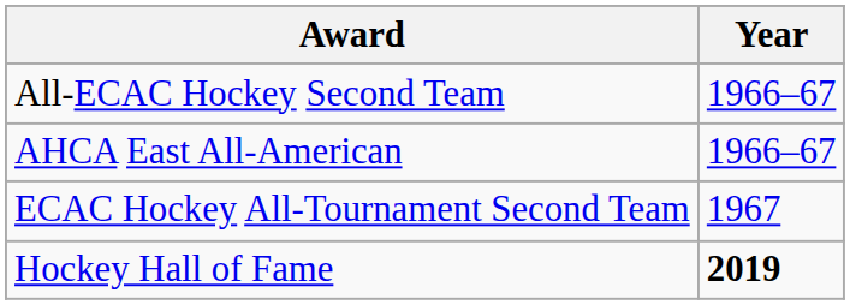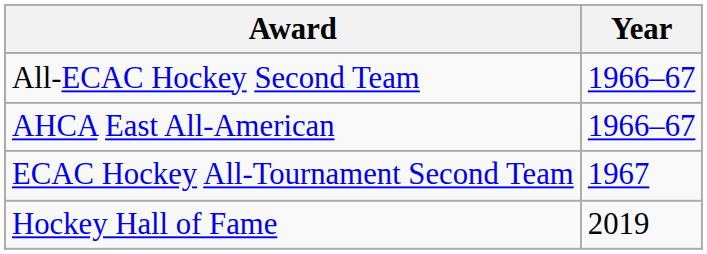 <table class="wikitable">
 <tr>
 <th>Award</th>
 <th>Year</th>
 </tr>
 <tr>
 <td>All-<a href='#'>ECAC Hockey</a> <a href='#'>Second Team</a></td>
 <td><a href='#'>1966–67</a></td>
 </tr>
 <tr>
 <td><a href='#'>AHCA</a> <a href='#'>East All-American</a></td>
 <td><a href='#'>1966–67</a></td>
 </tr>
 <tr>
 <td><a href='#'>ECAC Hockey</a> <a href='#'>All-Tournament Second Team</a></td>
 <td><a href='#'>1967</a></td>
 </tr>
 <tr>
 <td><a href='#'>Hockey Hall of Fame</a></td>
-<td><strong>2019</strong></td>
+<td>2019</td>
 </tr>
 </table>
